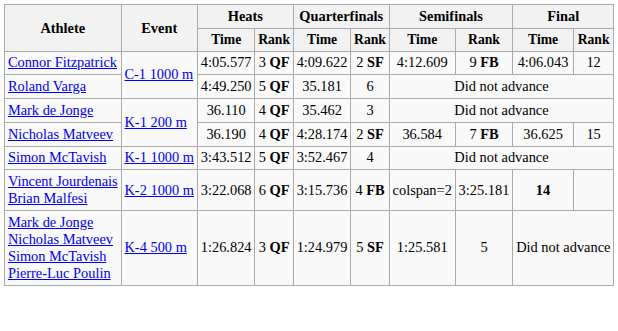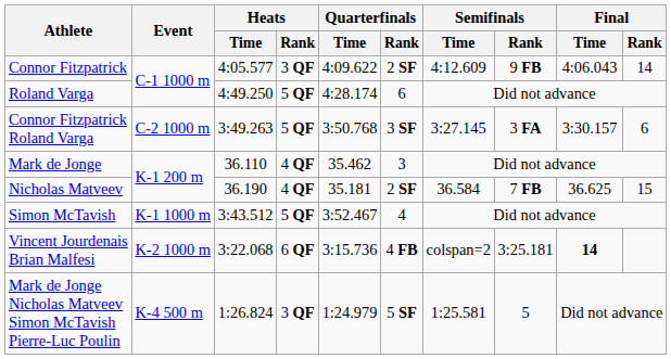 <table class=wikitable style=font-size:90%;text-align:center>
 <tr>
 <th rowspan=2>Athlete</th>
 <th rowspan=2>Event</th>
 <th colspan=2>Heats</th>
 <th colspan=2>Quarterfinals</th>
 <th colspan=2>Semifinals</th>
 <th colspan=2>Final</th>
 </tr>
 <tr style=font-size:95%>
 <th>Time</th>
 <th>Rank</th>
 <th>Time</th>
 <th>Rank</th>
 <th>Time</th>
 <th>Rank</th>
 <th>Time</th>
 <th>Rank</th>
 </tr>
 <tr>
 <td align=left><a href='#'>Connor Fitzpatrick</a></td>
 <td align=left rowspan=2><a href='#'>C-1 1000 m</a></td>
 <td>4:05.577</td>
 <td>3 <strong>QF</strong></td>
 <td>4:09.622</td>
 <td>2 <strong>SF</strong></td>
 <td>4:12.609</td>
 <td>9 <strong>FB</strong></td>
 <td>4:06.043</td>
-<td>12</td>
+<td>14</td>
 </tr>
 <tr>
 <td align=left><a href='#'>Roland Varga</a></td>
 <td>4:49.250</td>
 <td>5 <strong>QF</strong></td>
-<td>35.181</td>
+<td>4:28.174</td>
 <td>6</td>
 <td colspan=4>Did not advance</td>
+</tr>
+<tr>
+<td align=left><a href='#'>Connor Fitzpatrick</a><br><a href='#'>Roland Varga</a></td>
+<td align=left><a href='#'>C-2 1000 m</a></td>
+<td>3:49.263</td>
+<td>5 <strong>QF</strong></td>
+<td>3:50.768</td>
+<td>3 <strong>SF</strong></td>
+<td>3:27.145</td>
+<td>3 <strong>FA</strong></td>
+<td>3:30.157</td>
+<td>6</td>
 </tr>
 <tr>
 <td align=left><a href='#'>Mark de Jonge</a></td>
 <td align=left rowspan=2><a href='#'>K-1 200 m</a></td>
 <td>36.110</td>
 <td>4 <strong>QF</strong></td>
 <td>35.462</td>
 <td>3</td>
 <td colspan=4>Did not advance</td>
 </tr>
 <tr>
 <td align=left><a href='#'>Nicholas Matveev</a></td>
 <td>36.190</td>
 <td>4 <strong>QF</strong></td>
-<td>4:28.174</td>
+<td>35.181</td>
 <td>2 <strong>SF</strong></td>
 <td>36.584</td>
 <td>7 <strong>FB</strong></td>
 <td>36.625</td>
 <td>15</td>
 </tr>
 <tr>
 <td align=left><a href='#'>Simon McTavish</a></td>
 <td align=left><a href='#'>K-1 1000 m</a></td>
 <td>3:43.512</td>
 <td>5 <strong>QF</strong></td>
 <td>3:52.467</td>
 <td>4</td>
 <td colspan=4>Did not advance</td>
 </tr>
 <tr>
 <td align=left><a href='#'>Vincent Jourdenais</a><br><a href='#'>Brian Malfesi</a></td>
 <td align=left><a href='#'>K-2 1000 m</a></td>
 <td>3:22.068</td>
 <td>6 <strong>QF</strong></td>
 <td>3:15.736</td>
 <td>4 <strong>FB</strong></td>
 <td>colspan=2 </td>
 <td>3:25.181</td>
 <td><strong>14</strong></td>
 </tr>
 <tr>
 <td align=left><a href='#'>Mark de Jonge</a><br><a href='#'>Nicholas Matveev</a><br><a href='#'>Simon McTavish</a><br><a href='#'>Pierre-Luc Poulin</a></td>
 <td align=left><a href='#'>K-4 500 m</a></td>
 <td>1:26.824</td>
 <td>3 <strong>QF</strong></td>
 <td>1:24.979</td>
 <td>5 <strong>SF</strong></td>
 <td>1:25.581</td>
 <td>5</td>
 <td colspan="2">Did not advance</td>
 </tr>
 </table>
